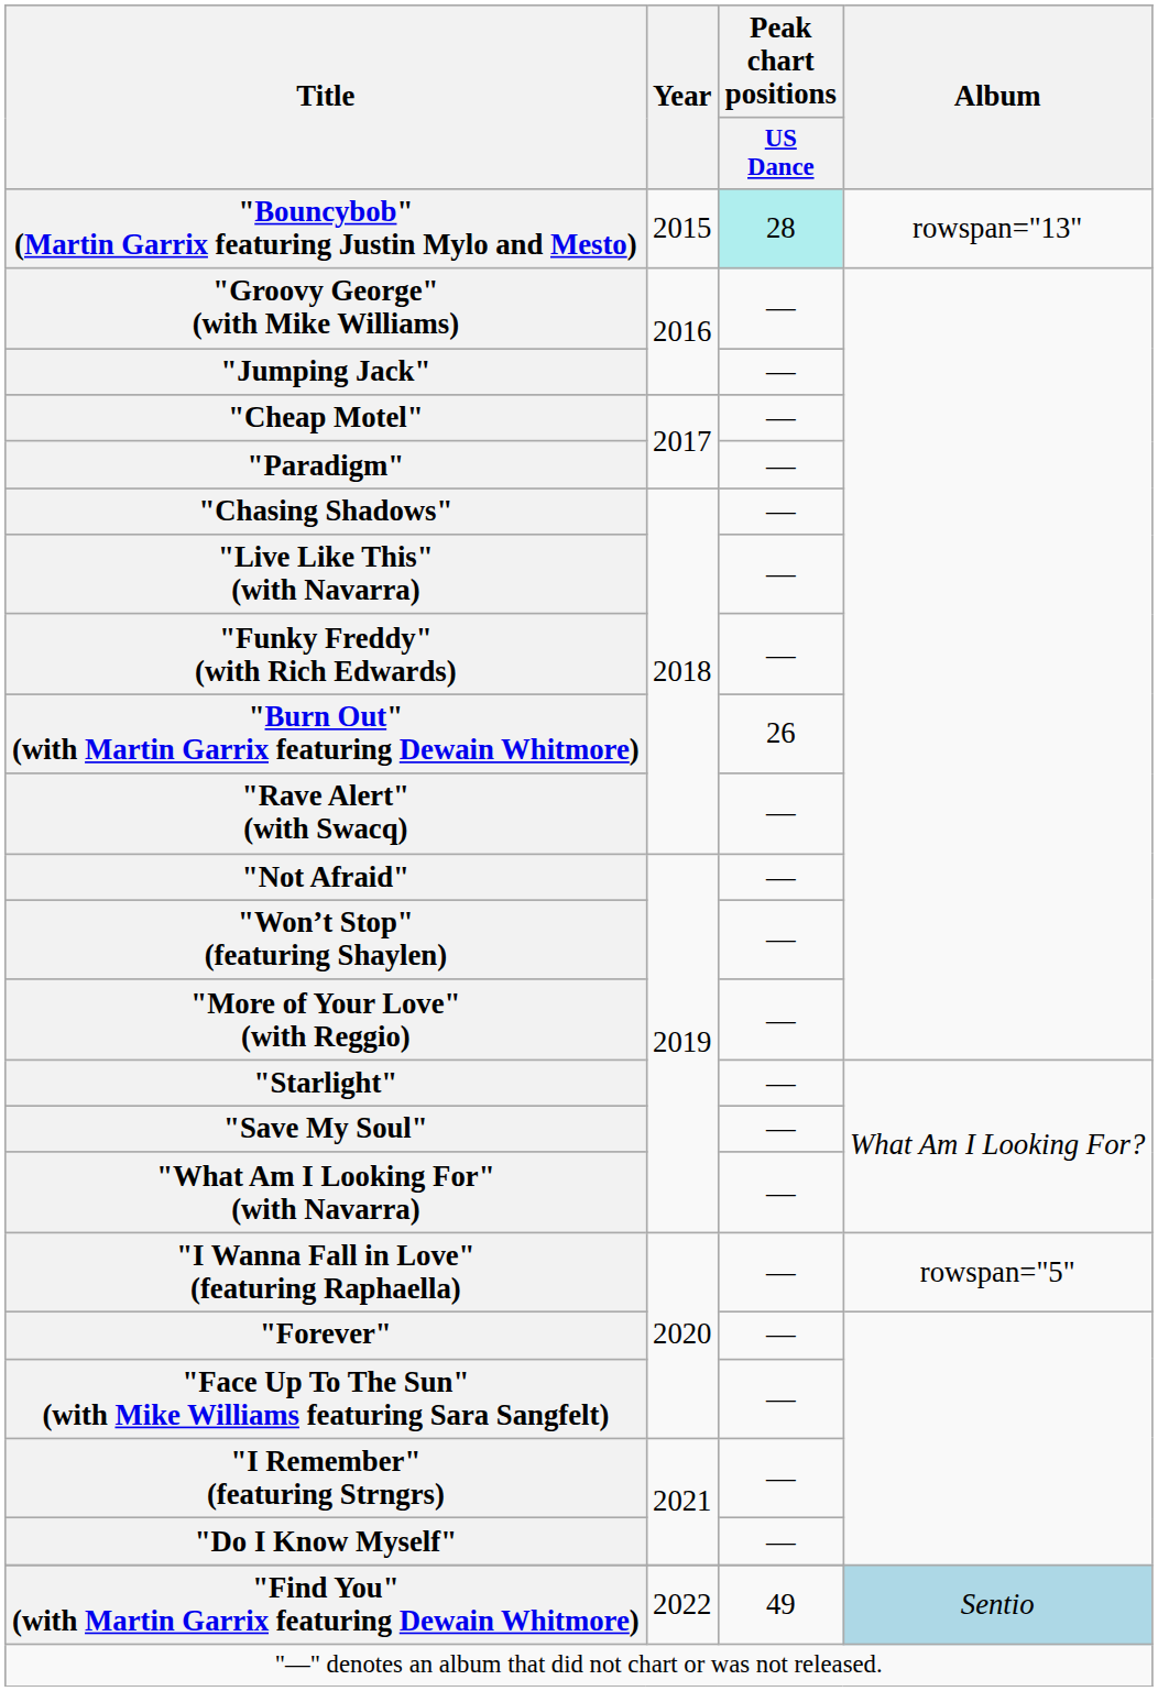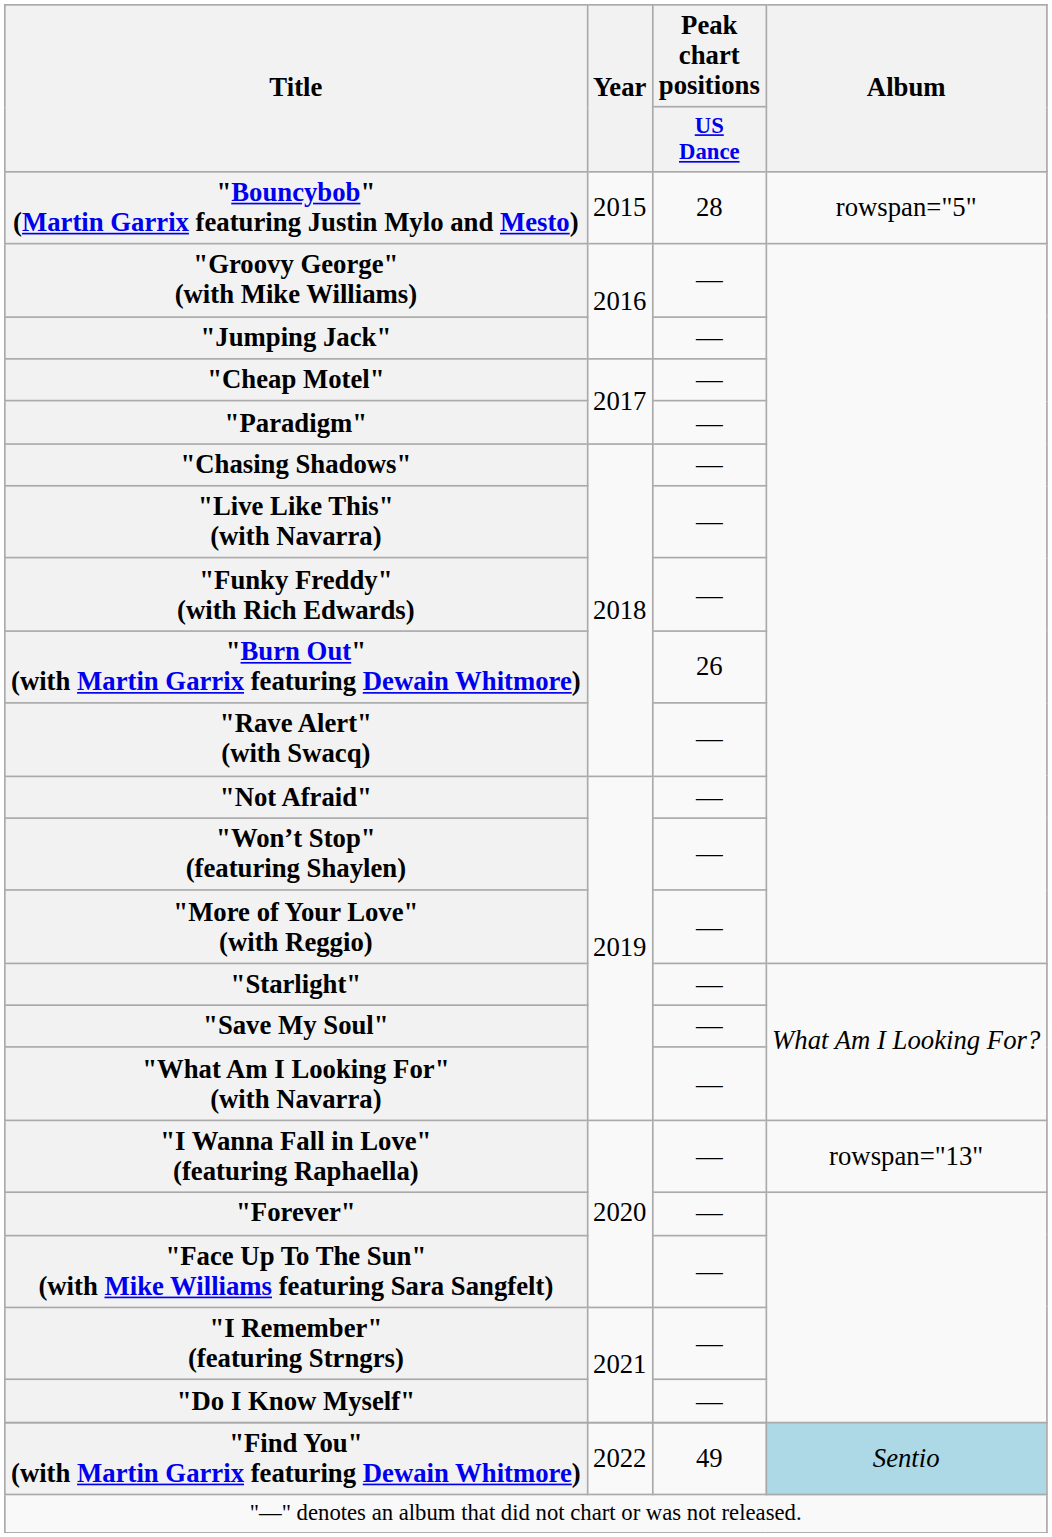 <table class="wikitable plainrowheaders" style="text-align:center;">
 <tr>
 <th rowspan="2" scope="col">Title</th>
 <th rowspan="2" scope="col">Year</th>
 <th scope="col">Peak chart positions</th>
 <th rowspan="2" scope="col">Album</th>
 </tr>
 <tr>
 <th scope="col" style="width:3em;font-size:85%;"><a href='#'>US</a><br><a href='#'>Dance</a><br></th>
 </tr>
 <tr>
 <th scope="row">"<a href='#'>Bouncybob</a>"<br><span>(<a href='#'>Martin Garrix</a> featuring Justin Mylo and <a href='#'>Mesto</a>)</span></th>
 <td>2015</td>
-<td style="background: paleturquoise;">28</td>
-<td>rowspan="13" </td>
+<td>28</td>
+<td>rowspan="5" </td>
 </tr>
 <tr>
 <th scope="row">"Groovy George"<br><span>(with Mike Williams)</span></th>
 <td rowspan="2">2016</td>
 <td>—</td>
 </tr>
 <tr>
 <th scope="row">"Jumping Jack"</th>
 <td>—</td>
 </tr>
 <tr>
 <th scope="row">"Cheap Motel"</th>
 <td rowspan="2">2017</td>
 <td>—</td>
 </tr>
 <tr>
 <th scope="row">"Paradigm"</th>
 <td>—</td>
 </tr>
 <tr>
 <th scope="row">"Chasing Shadows"</th>
 <td rowspan="5">2018</td>
 <td>—</td>
 </tr>
 <tr>
 <th scope="row">"Live Like This"<br><span>(with Navarra)</span></th>
 <td>—</td>
 </tr>
 <tr>
 <th scope="row">"Funky Freddy" <br><span>(with Rich Edwards)</span></th>
 <td>—</td>
 </tr>
 <tr>
 <th scope="row">"<a href='#'>Burn Out</a>"<br><span>(with <a href='#'>Martin Garrix</a> featuring <a href='#'>Dewain Whitmore</a>)</span></th>
 <td>26</td>
 </tr>
 <tr>
 <th scope="row">"Rave Alert" <br><span>(with Swacq)</span></th>
 <td>—</td>
 </tr>
 <tr>
 <th scope="row">"Not Afraid"</th>
 <td rowspan="6">2019</td>
 <td>—</td>
 </tr>
 <tr>
 <th scope="row">"Won’t Stop" <br><span>(featuring Shaylen)</span></th>
 <td>—</td>
 </tr>
 <tr>
 <th scope="row">"More of Your Love" <br><span>(with Reggio)</span></th>
 <td>—</td>
 </tr>
 <tr>
 <th scope="row">"Starlight"</th>
 <td>—</td>
 <td rowspan="3"><em>What Am I Looking For?</em></td>
 </tr>
 <tr>
 <th scope="row">"Save My Soul"</th>
 <td>—</td>
 </tr>
 <tr>
 <th scope="row">"What Am I Looking For" <br><span>(with Navarra)</span></th>
 <td>—</td>
 </tr>
 <tr>
 <th scope="row">"I Wanna Fall in Love" <br><span>(featuring Raphaella)</span></th>
 <td rowspan="3">2020</td>
 <td>—</td>
-<td>rowspan="5" </td>
+<td>rowspan="13" </td>
 </tr>
 <tr>
 <th scope="row">"Forever"</th>
 <td>—</td>
 </tr>
 <tr>
 <th scope="row">"Face Up To The Sun" <br><span>(with <a href='#'>Mike Williams</a> featuring Sara Sangfelt)</span></th>
 <td>—</td>
 </tr>
 <tr>
 <th scope="row">"I Remember" <br><span>(featuring Strngrs)</span></th>
 <td rowspan="2">2021</td>
 <td>—</td>
 </tr>
 <tr>
 <th scope="row">"Do I Know Myself"</th>
 <td>—</td>
 </tr>
 <tr>
 </tr>
 <tr>
 <th scope="row">"Find You"<br><span>(with <a href='#'>Martin Garrix</a> featuring <a href='#'>Dewain Whitmore</a>)</span></th>
 <td>2022</td>
 <td>49</td>
 <td style="background: lightblue;"><em>Sentio</em></td>
 </tr>
 <tr>
 <td colspan="4" style="font-size:85%">"—" denotes an album that did not chart or was not released.</td>
 </tr>
 </table>
